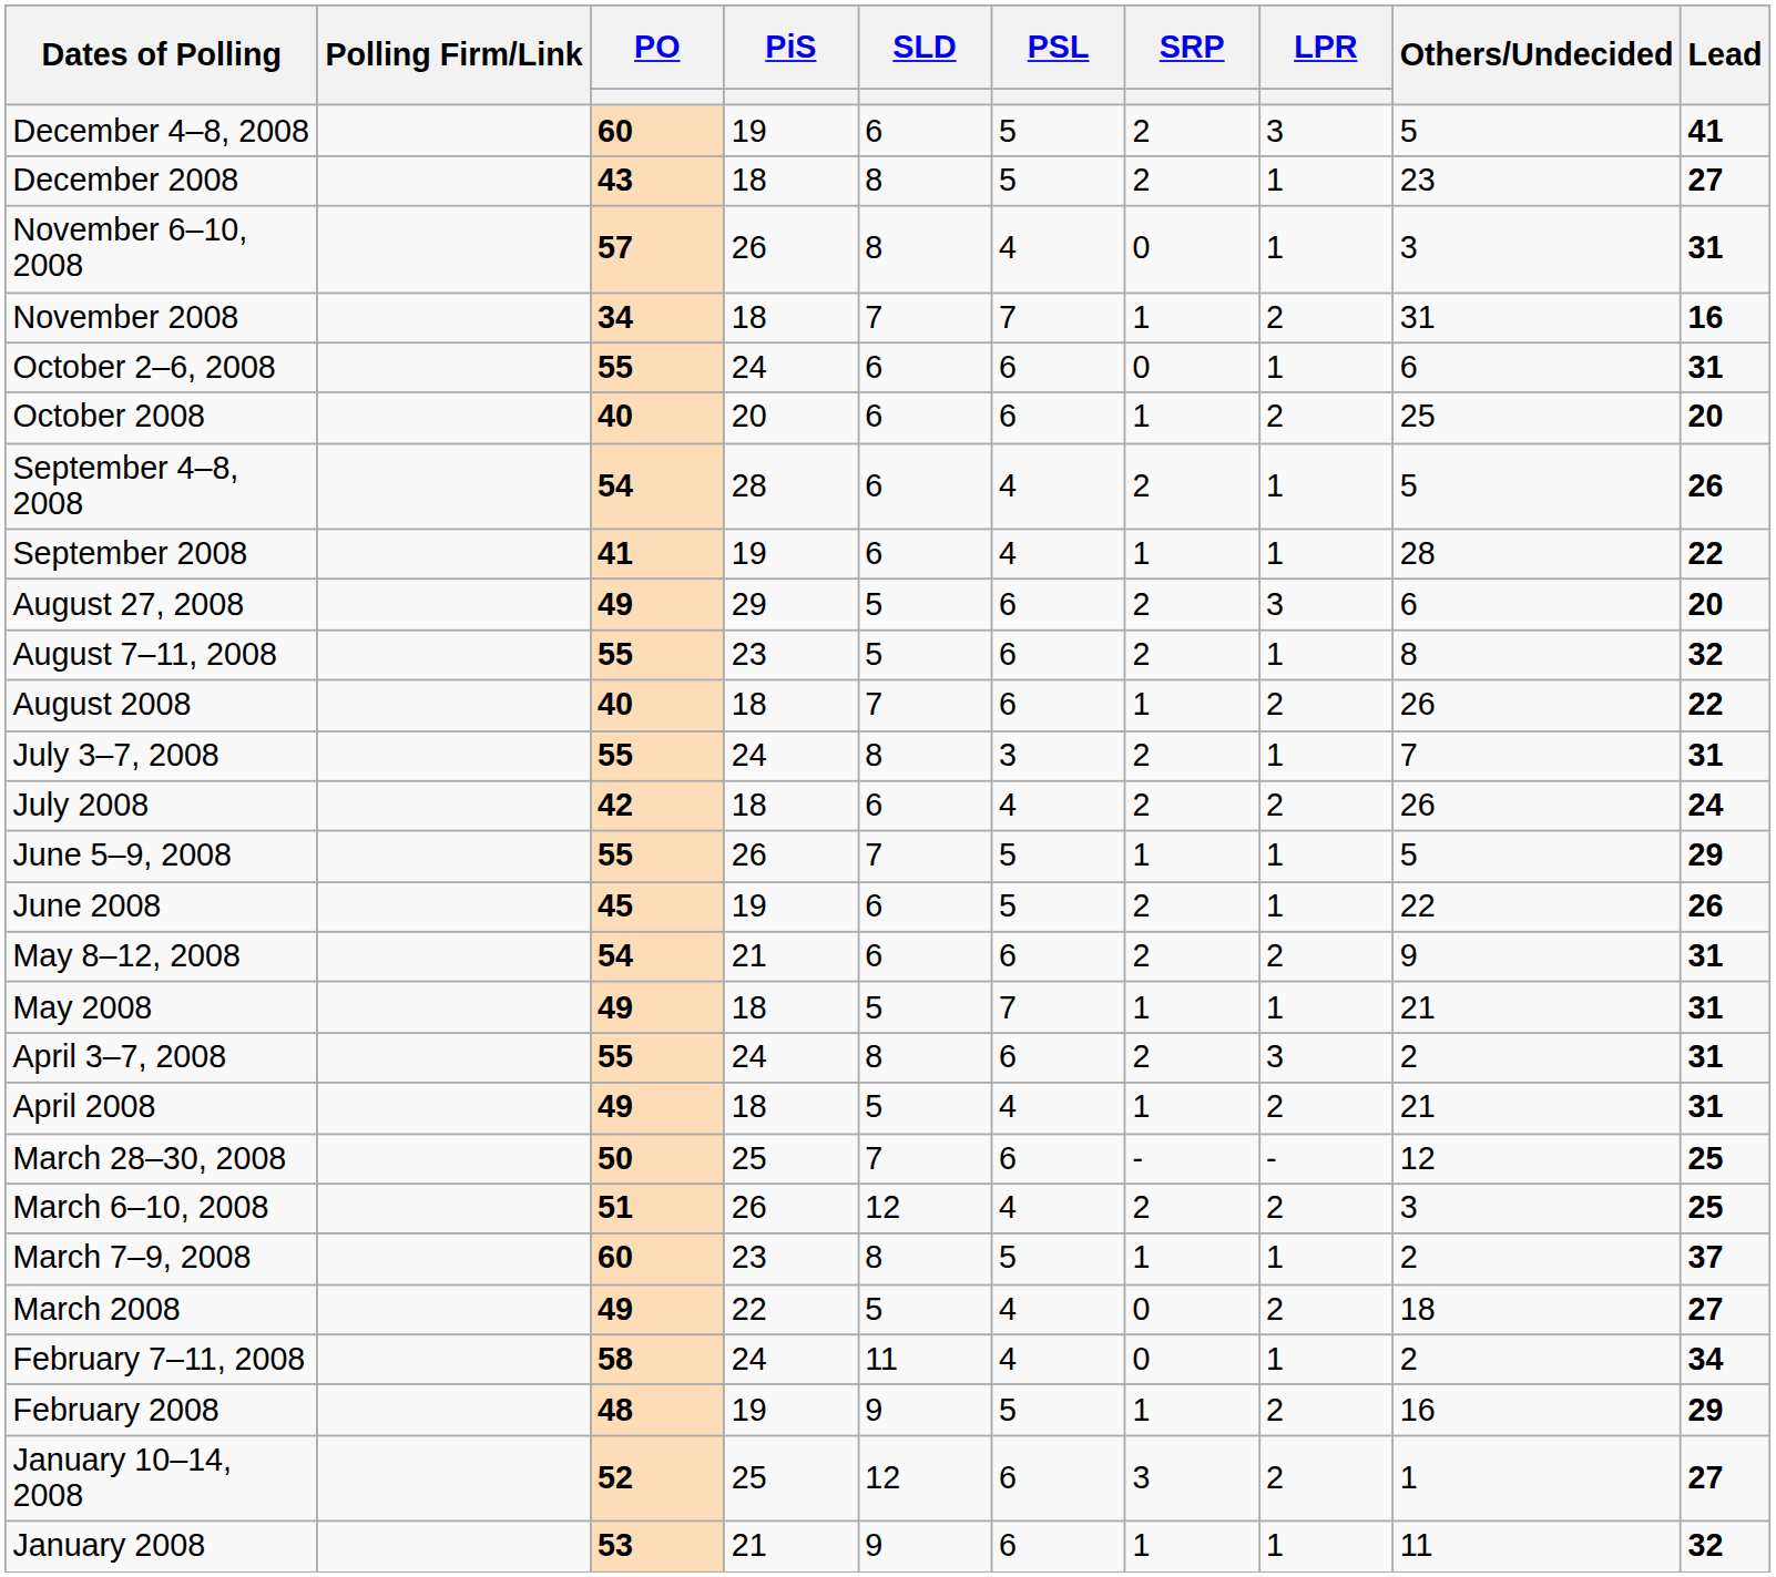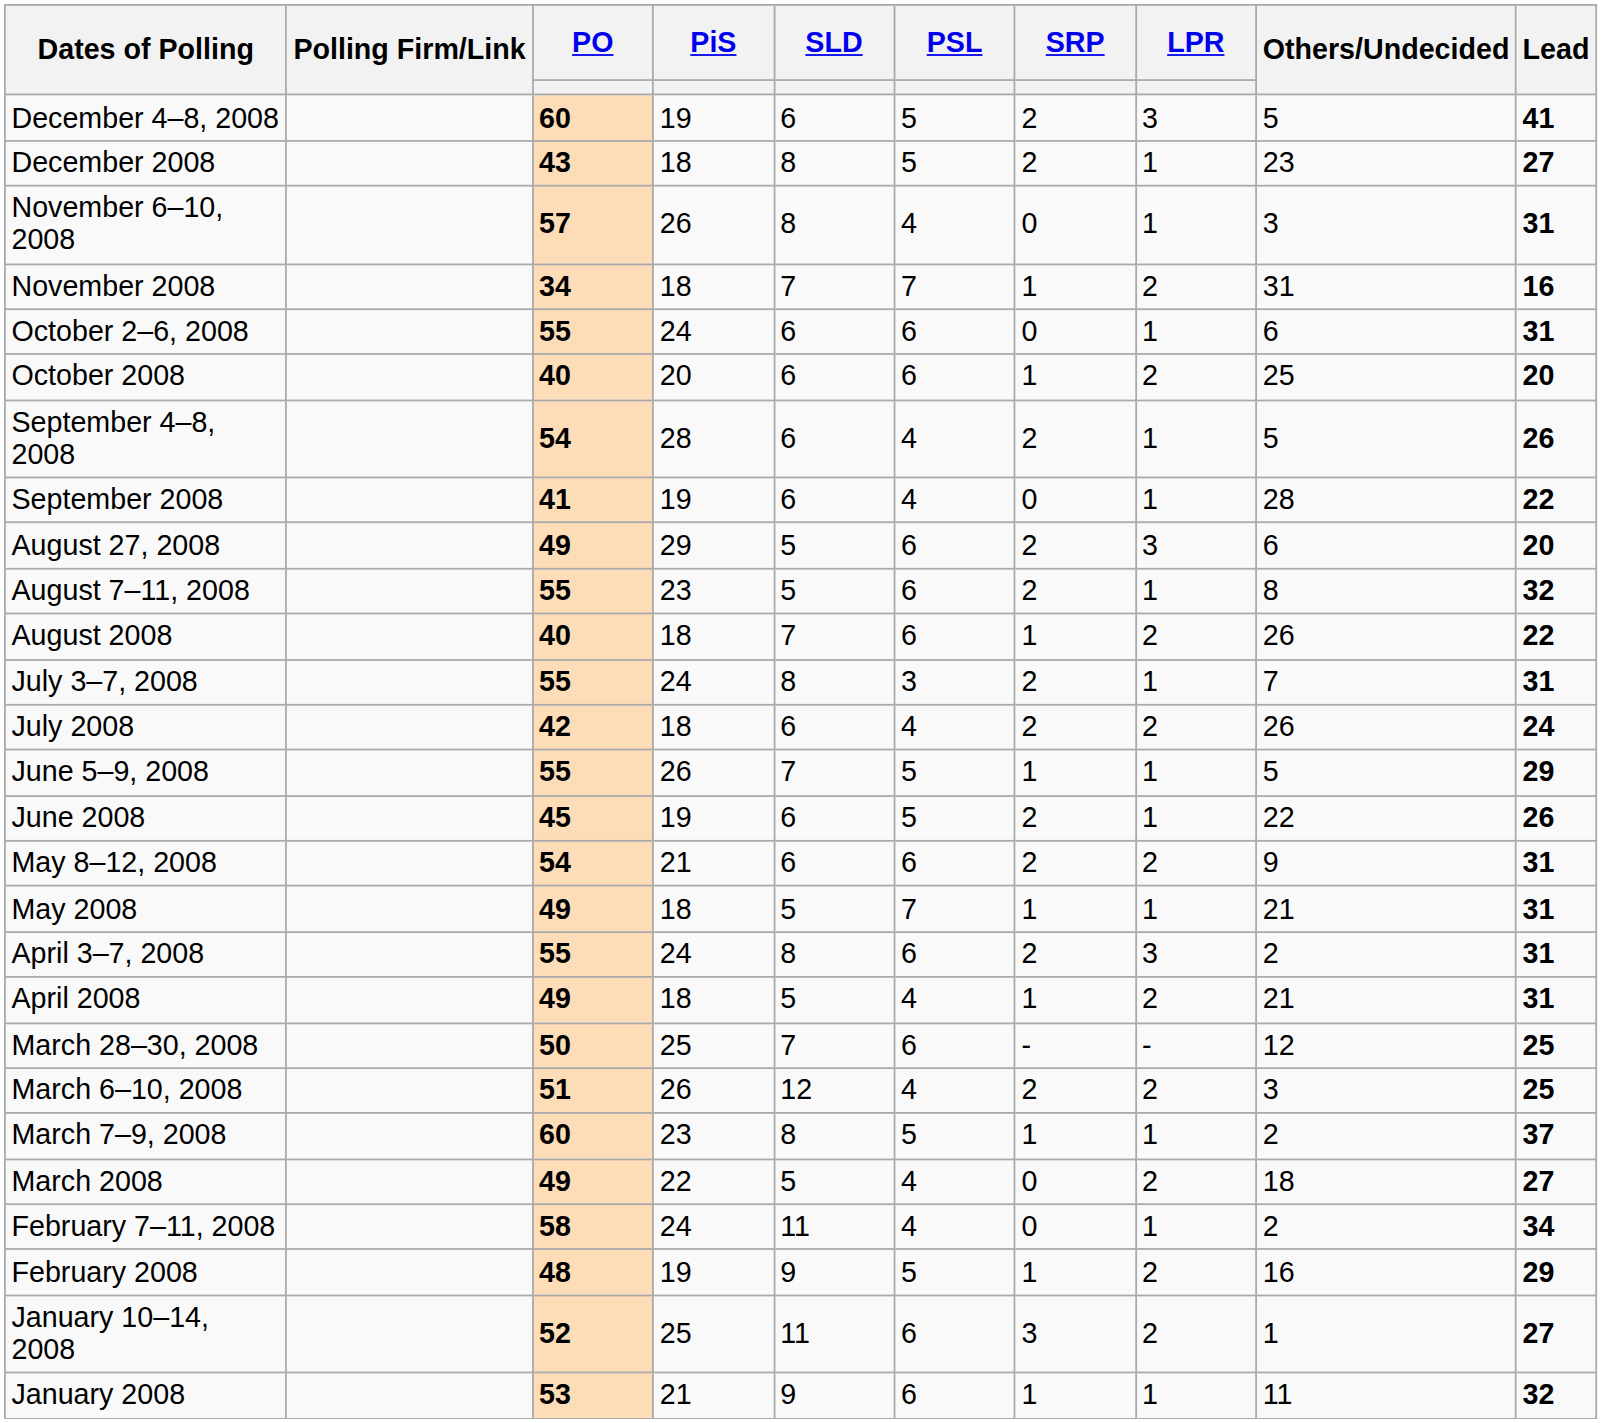 <table class="wikitable sortable collapsible">
 <tr style="height:42px; text-align:center; background-color:#E9E9E9">
 <th rowspan="2" data-sort-type="date" style="width:150px;">Dates of Polling</th>
 <th rowspan="2" style="width:130px;">Polling Firm/Link</th>
 <th style="width:60px;" class="unsortable"><a href='#'>PO</a></th>
 <th style="width:60px;" class="unsortable"><a href='#'>PiS</a></th>
 <th style="width:60px;" class="unsortable"><a href='#'>SLD</a></th>
 <th style="width:60px;" class="unsortable"><a href='#'>PSL</a></th>
 <th style="width:60px;" class="unsortable"><a href='#'>SRP</a></th>
 <th style="width:60px;" class="unsortable"><a href='#'>LPR</a></th>
 <th rowspan="2" data-sort-type="number" style="width:40px;">Others/Undecided</th>
 <th rowspan="2" data-sort-type="number" style="width:30px;">Lead</th>
 </tr>
 <tr>
 <th data-sort-type="number" style="height:1px; background:"></th>
 <th data-sort-type="number" style="height:1px; background:"></th>
 <th data-sort-type="number" style="height:1px; background:"></th>
 <th data-sort-type="number" style="height:1px; background:"></th>
 <th data-sort-type="number" style="height:1px; background:"></th>
 <th data-sort-type="number" style="height:1px; background:"></th>
 </tr>
 <tr>
 <td>December 4–8, 2008</td>
 <td></td>
 <td style="background:#FDDCB8"><strong>60</strong></td>
 <td>19</td>
 <td>6</td>
 <td>5</td>
 <td>2</td>
 <td>3</td>
 <td>5</td>
 <td style="background:"><strong>41</strong></td>
 </tr>
 <tr>
 <td>December 2008</td>
 <td></td>
 <td style="background:#FDDCB8"><strong>43</strong></td>
 <td>18</td>
 <td>8</td>
 <td>5</td>
 <td>2</td>
 <td>1</td>
 <td>23</td>
 <td style="background:"><strong>27</strong></td>
 </tr>
 <tr>
 <td>November 6–10, 2008</td>
 <td></td>
 <td style="background:#FDDCB8"><strong>57</strong></td>
 <td>26</td>
 <td>8</td>
 <td>4</td>
 <td>0</td>
 <td>1</td>
 <td>3</td>
 <td style="background:"><strong>31</strong></td>
 </tr>
 <tr>
 <td>November 2008</td>
 <td></td>
 <td style="background:#FDDCB8"><strong>34</strong></td>
 <td>18</td>
 <td>7</td>
 <td>7</td>
 <td>1</td>
 <td>2</td>
 <td>31</td>
 <td style="background:"><strong>16</strong></td>
 </tr>
 <tr>
 <td>October 2–6, 2008</td>
 <td></td>
 <td style="background:#FDDCB8"><strong>55</strong></td>
 <td>24</td>
 <td>6</td>
 <td>6</td>
 <td>0</td>
 <td>1</td>
 <td>6</td>
 <td style="background:"><strong>31</strong></td>
 </tr>
 <tr>
 <td>October 2008</td>
 <td></td>
 <td style="background:#FDDCB8"><strong>40</strong></td>
 <td>20</td>
 <td>6</td>
 <td>6</td>
 <td>1</td>
 <td>2</td>
 <td>25</td>
 <td style="background:"><strong>20</strong></td>
 </tr>
 <tr>
 <td>September 4–8, 2008</td>
 <td></td>
 <td style="background:#FDDCB8"><strong>54</strong></td>
 <td>28</td>
 <td>6</td>
 <td>4</td>
 <td>2</td>
 <td>1</td>
 <td>5</td>
 <td style="background:"><strong>26</strong></td>
 </tr>
 <tr>
 <td>September 2008</td>
 <td></td>
 <td style="background:#FDDCB8"><strong>41</strong></td>
 <td>19</td>
 <td>6</td>
 <td>4</td>
-<td>1</td>
+<td>0</td>
 <td>1</td>
 <td>28</td>
 <td style="background:"><strong>22</strong></td>
 </tr>
 <tr>
 <td>August 27, 2008</td>
 <td></td>
 <td style="background:#FDDCB8"><strong>49</strong></td>
 <td>29</td>
 <td>5</td>
 <td>6</td>
 <td>2</td>
 <td>3</td>
 <td>6</td>
 <td style="background:"><strong>20</strong></td>
 </tr>
 <tr>
 <td>August 7–11, 2008</td>
 <td></td>
 <td style="background:#FDDCB8"><strong>55</strong></td>
 <td>23</td>
 <td>5</td>
 <td>6</td>
 <td>2</td>
 <td>1</td>
 <td>8</td>
 <td style="background:"><strong>32</strong></td>
 </tr>
 <tr>
 <td>August 2008</td>
 <td></td>
 <td style="background:#FDDCB8"><strong>40</strong></td>
 <td>18</td>
 <td>7</td>
 <td>6</td>
 <td>1</td>
 <td>2</td>
 <td>26</td>
 <td style="background:"><strong>22</strong></td>
 </tr>
 <tr>
 <td>July 3–7, 2008</td>
 <td></td>
 <td style="background:#FDDCB8"><strong>55</strong></td>
 <td>24</td>
 <td>8</td>
 <td>3</td>
 <td>2</td>
 <td>1</td>
 <td>7</td>
 <td style="background:"><strong>31</strong></td>
 </tr>
 <tr>
 <td>July 2008</td>
 <td></td>
 <td style="background:#FDDCB8"><strong>42</strong></td>
 <td>18</td>
 <td>6</td>
 <td>4</td>
 <td>2</td>
 <td>2</td>
 <td>26</td>
 <td style="background:"><strong>24</strong></td>
 </tr>
 <tr>
 <td>June 5–9, 2008</td>
 <td></td>
 <td style="background:#FDDCB8"><strong>55</strong></td>
 <td>26</td>
 <td>7</td>
 <td>5</td>
 <td>1</td>
 <td>1</td>
 <td>5</td>
 <td style="background:"><strong>29</strong></td>
 </tr>
 <tr>
 <td>June 2008</td>
 <td></td>
 <td style="background:#FDDCB8"><strong>45</strong></td>
 <td>19</td>
 <td>6</td>
 <td>5</td>
 <td>2</td>
 <td>1</td>
 <td>22</td>
 <td style="background:"><strong>26</strong></td>
 </tr>
 <tr>
 <td>May 8–12, 2008</td>
 <td></td>
 <td style="background:#FDDCB8"><strong>54</strong></td>
 <td>21</td>
 <td>6</td>
 <td>6</td>
 <td>2</td>
 <td>2</td>
 <td>9</td>
 <td style="background:"><strong>31</strong></td>
 </tr>
 <tr>
 <td>May 2008</td>
 <td></td>
 <td style="background:#FDDCB8"><strong>49</strong></td>
 <td>18</td>
 <td>5</td>
 <td>7</td>
 <td>1</td>
 <td>1</td>
 <td>21</td>
 <td style="background:"><strong>31</strong></td>
 </tr>
 <tr>
 <td>April 3–7, 2008</td>
 <td></td>
 <td style="background:#FDDCB8"><strong>55</strong></td>
 <td>24</td>
 <td>8</td>
 <td>6</td>
 <td>2</td>
 <td>3</td>
 <td>2</td>
 <td style="background:"><strong>31</strong></td>
 </tr>
 <tr>
 <td>April 2008</td>
 <td></td>
 <td style="background:#FDDCB8"><strong>49</strong></td>
 <td>18</td>
 <td>5</td>
 <td>4</td>
 <td>1</td>
 <td>2</td>
 <td>21</td>
 <td style="background:"><strong>31</strong></td>
 </tr>
 <tr>
 <td>March 28–30, 2008</td>
 <td></td>
 <td style="background:#FDDCB8"><strong>50</strong></td>
 <td>25</td>
 <td>7</td>
 <td>6</td>
 <td>-</td>
 <td>-</td>
 <td>12</td>
 <td style="background:"><strong>25</strong></td>
 </tr>
 <tr>
 <td>March 6–10, 2008</td>
 <td></td>
 <td style="background:#FDDCB8"><strong>51</strong></td>
 <td>26</td>
 <td>12</td>
 <td>4</td>
 <td>2</td>
 <td>2</td>
 <td>3</td>
 <td style="background:"><strong>25</strong></td>
 </tr>
 <tr>
 <td>March 7–9, 2008</td>
 <td></td>
 <td style="background:#FDDCB8"><strong>60</strong></td>
 <td>23</td>
 <td>8</td>
 <td>5</td>
 <td>1</td>
 <td>1</td>
 <td>2</td>
 <td style="background:"><strong>37</strong></td>
 </tr>
 <tr>
 <td>March 2008</td>
 <td></td>
 <td style="background:#FDDCB8"><strong>49</strong></td>
 <td>22</td>
 <td>5</td>
 <td>4</td>
 <td>0</td>
 <td>2</td>
 <td>18</td>
 <td style="background:"><strong>27</strong></td>
 </tr>
 <tr>
 <td>February 7–11, 2008</td>
 <td></td>
 <td style="background:#FDDCB8"><strong>58</strong></td>
 <td>24</td>
 <td>11</td>
 <td>4</td>
 <td>0</td>
 <td>1</td>
 <td>2</td>
 <td style="background:"><strong>34</strong></td>
 </tr>
 <tr>
 <td>February 2008</td>
 <td></td>
 <td style="background:#FDDCB8"><strong>48</strong></td>
 <td>19</td>
 <td>9</td>
 <td>5</td>
 <td>1</td>
 <td>2</td>
 <td>16</td>
 <td style="background:"><strong>29</strong></td>
 </tr>
 <tr>
 <td>January 10–14, 2008</td>
 <td></td>
 <td style="background:#FDDCB8"><strong>52</strong></td>
 <td>25</td>
-<td>12</td>
+<td>11</td>
 <td>6</td>
 <td>3</td>
 <td>2</td>
 <td>1</td>
 <td style="background:"><strong>27</strong></td>
 </tr>
 <tr>
 <td>January 2008</td>
 <td></td>
 <td style="background:#FDDCB8"><strong>53</strong></td>
 <td>21</td>
 <td>9</td>
 <td>6</td>
 <td>1</td>
 <td>1</td>
 <td>11</td>
 <td style="background:"><strong>32</strong></td>
 </tr>
 <tr>
 </tr>
 </table>
